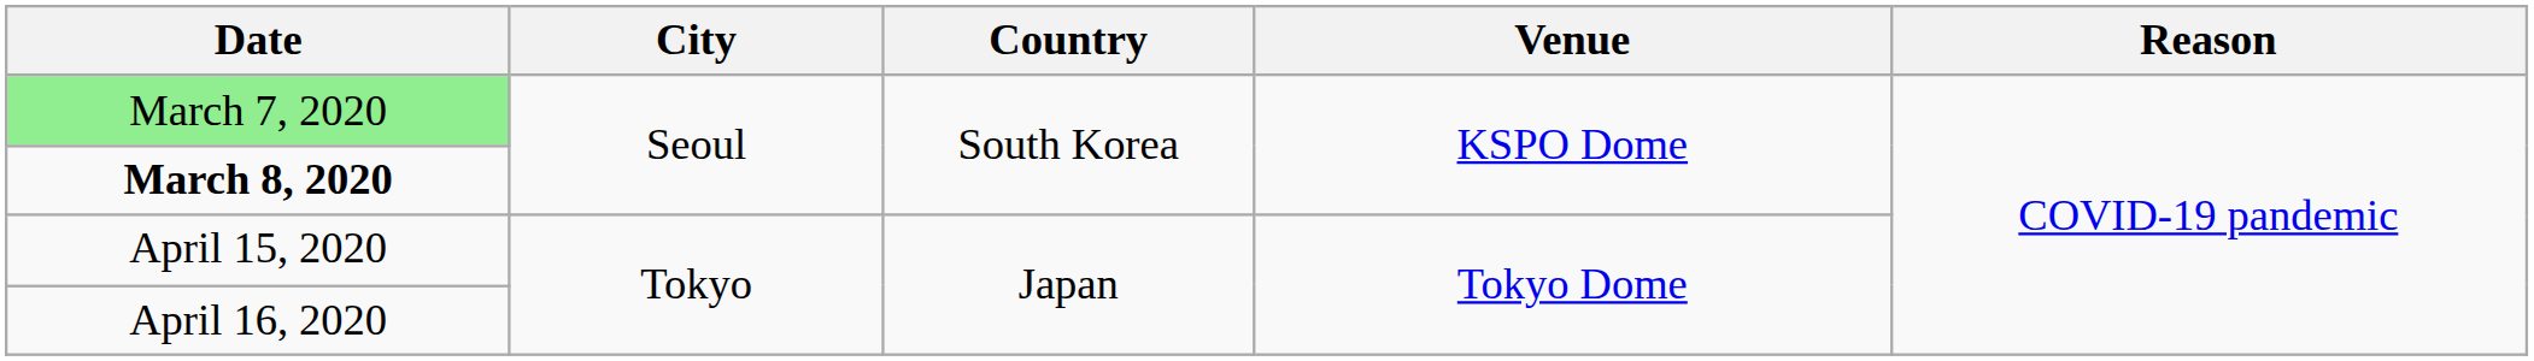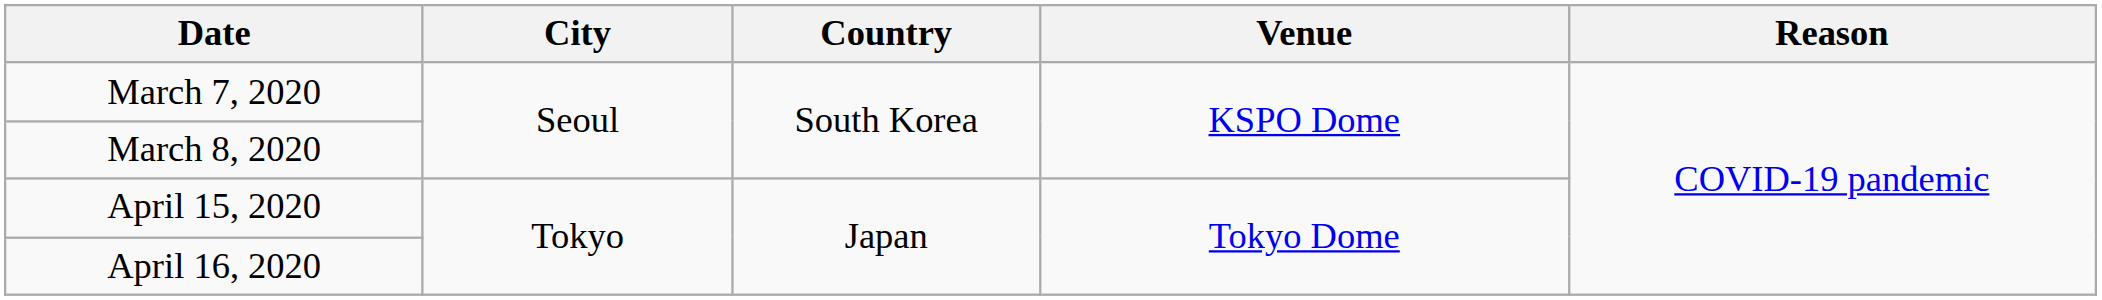 <table class="wikitable" style="text-align:center;">
 <tr>
 <th scope="col" style="width:11em;">Date</th>
 <th scope="col" style="width:8em;">City</th>
 <th scope="col" style="width:8em;">Country</th>
 <th scope="col" style="width:14em;">Venue</th>
 <th scope="col" style="width:14em;">Reason</th>
 </tr>
 <tr>
-<td style="background: lightgreen;">March 7, 2020</td>
+<td>March 7, 2020</td>
 <td rowspan="2">Seoul</td>
 <td rowspan="2">South Korea</td>
 <td rowspan="2"><a href='#'>KSPO Dome</a></td>
 <td rowspan="4"><a href='#'>COVID-19 pandemic</a></td>
 </tr>
 <tr>
-<td><strong>March 8, 2020</strong></td>
+<td>March 8, 2020</td>
 </tr>
 <tr>
 <td>April 15, 2020<br></td>
 <td rowspan="2">Tokyo</td>
 <td rowspan="2">Japan</td>
 <td rowspan="2"><a href='#'>Tokyo Dome</a></td>
 </tr>
 <tr>
 <td>April 16, 2020<br></td>
 </tr>
 </table>
